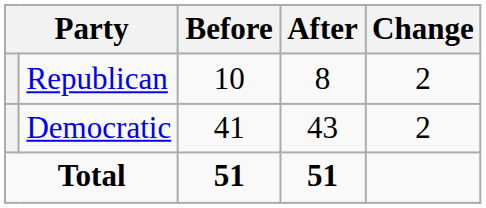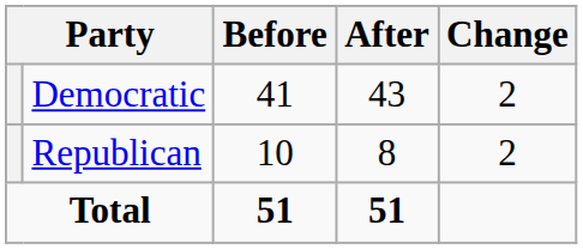 <table class="wikitable" style="text-align:center;">
 <tr>
 <th colspan="2">Party</th>
 <th>Before</th>
 <th>After</th>
 <th>Change</th>
 </tr>
 <tr>
 <th style="background-color:"></th>
-<td style="text-align:left;"><a href='#'>Republican</a></td>
-<td>10</td>
-<td>8</td>
+<td style="text-align:left;"><a href='#'>Democratic</a></td>
+<td>41</td>
+<td>43</td>
 <td> 2</td>
 </tr>
 <tr>
 <th style="background-color:"></th>
-<td style="text-align:left;"><a href='#'>Democratic</a></td>
-<td>41</td>
-<td>43</td>
+<td style="text-align:left;"><a href='#'>Republican</a></td>
+<td>10</td>
+<td>8</td>
 <td> 2</td>
 </tr>
 <tr>
 <td colspan="2"><strong>Total</strong></td>
 <td><strong>51</strong></td>
 <td><strong>51</strong></td>
 <td></td>
 </tr>
 </table>
